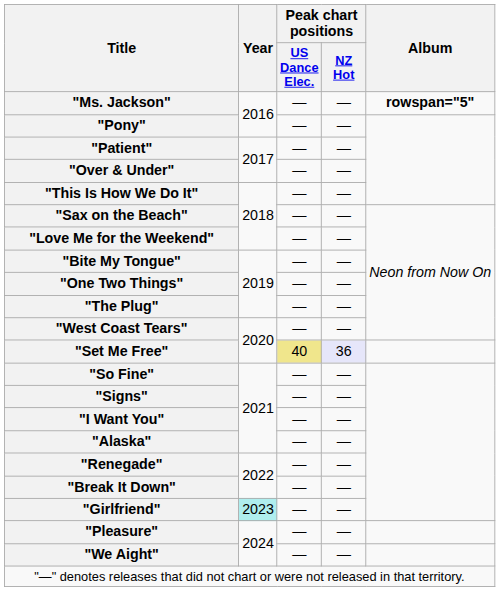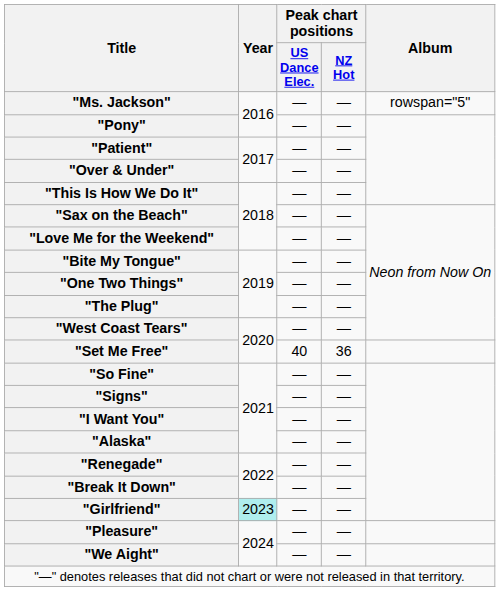 <table class="wikitable plainrowheaders" style="text-align:center;">
 <tr>
 <th rowspan="2" scope="col" style="width:16em;">Title</th>
 <th rowspan="2" scope="col">Year</th>
 <th colspan="2" scope="col">Peak chart positions</th>
 <th rowspan="2" scope="col">Album</th>
 </tr>
 <tr>
 <th scope="col" style="width:3em;font-size:90%;"><a href='#'>US<br>Dance Elec.</a><br></th>
 <th scope="col" style="width:3em;font-size:90%;"><a href='#'>NZ<br>Hot</a><br></th>
 </tr>
 <tr>
 <th scope="row">"Ms. Jackson"</th>
 <td rowspan="2">2016</td>
 <td>—</td>
 <td>—</td>
-<td><strong>rowspan="5" </strong></td>
+<td>rowspan="5" </td>
 </tr>
 <tr>
 <th scope="row">"Pony"</th>
 <td>—</td>
 <td>—</td>
 </tr>
 <tr>
 <th scope="row">"Patient"</th>
 <td rowspan="2">2017</td>
 <td>—</td>
 <td>—</td>
 </tr>
 <tr>
 <th scope="row">"Over & Under"</th>
 <td>—</td>
 <td>—</td>
 </tr>
 <tr>
 <th scope="row">"This Is How We Do It"<br></th>
 <td rowspan="3">2018</td>
 <td>—</td>
 <td>—</td>
 </tr>
 <tr>
 <th scope="row">"Sax on the Beach"<br></th>
 <td>—</td>
 <td>—</td>
 <td rowspan="6"><em>Neon from Now On</em></td>
 </tr>
 <tr>
 <th scope="row">"Love Me for the Weekend"<br></th>
 <td>—</td>
 <td>—</td>
 </tr>
 <tr>
 <th scope="row">"Bite My Tongue"</th>
 <td rowspan="3">2019</td>
 <td>—</td>
 <td>—</td>
 </tr>
 <tr>
 <th scope="row">"One Two Things"<br></th>
 <td>—</td>
 <td>—</td>
 </tr>
 <tr>
 <th scope="row">"The Plug"<br></th>
 <td>—</td>
 <td>—</td>
 </tr>
 <tr>
 <th scope="row">"West Coast Tears"<br> </th>
 <td rowspan="2">2020</td>
 <td>—</td>
 <td>—</td>
 </tr>
 <tr>
 <th scope="row">"Set Me Free"<br></th>
-<td style="background: khaki;">40</td>
-<td style="background: lavender;">36</td>
+<td>40</td>
+<td>36</td>
 <td></td>
 </tr>
 <tr>
 <th scope="row">"So Fine"<br></th>
 <td rowspan="4">2021</td>
 <td>—</td>
 <td>—</td>
 <td rowspan="7"></td>
 </tr>
 <tr>
 <th scope="row">"Signs"<br></th>
 <td>—</td>
 <td>—</td>
 </tr>
 <tr>
 <th scope="row">"I Want You"<br></th>
 <td>—</td>
 <td>—</td>
 </tr>
 <tr>
 <th scope="row">"Alaska"<br></th>
 <td>—</td>
 <td>—</td>
 </tr>
 <tr>
 <th scope="row">"Renegade"<br></th>
 <td rowspan="2">2022</td>
 <td>—</td>
 <td>—</td>
 </tr>
 <tr>
 <th scope="row">"Break It Down"</th>
 <td>—</td>
 <td>—</td>
 </tr>
 <tr>
 <th scope="row">"Girlfriend"<br></th>
 <td rowspan="1" style="background: paleturquoise;">2023</td>
 <td>—</td>
 <td>—</td>
 </tr>
 <tr>
 <th scope="row">"Pleasure"</th>
 <td rowspan="2">2024</td>
 <td>—</td>
 <td>—</td>
 <td></td>
 </tr>
 <tr>
 <th scope="row">"We Aight"<br></th>
 <td>—</td>
 <td>—</td>
 <td></td>
 </tr>
 <tr>
 <td colspan="5" style="text-align:center; font-size:90%;">"—" denotes releases that did not chart or were not released in that territory.</td>
 </tr>
 </table>
